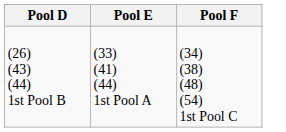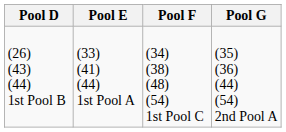 <table class="wikitable">
 <tr>
 <th width=25%>Pool D</th>
 <th width=25%>Pool E</th>
 <th width=25%>Pool F</th>
+<th width=25%>Pool G</th>
 </tr>
 <tr>
 <td valign=top><br> (26)<br>  (43)<br>  (44)<br> 1st Pool B</td>
 <td valign=top><br> (33)<br>  (41)<br>  (44)<br> 1st Pool A</td>
 <td><br> (34)<br>  (38)<br>  (48)<br>  (54)<br> 1st Pool C</td>
+<td><br> (35)<br>  (36)<br>  (44)<br>  (54)<br> 2nd Pool A</td>
 </tr>
 </table>
